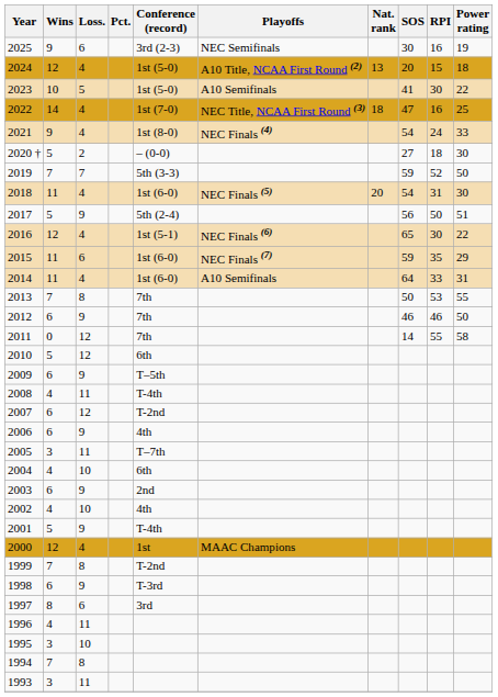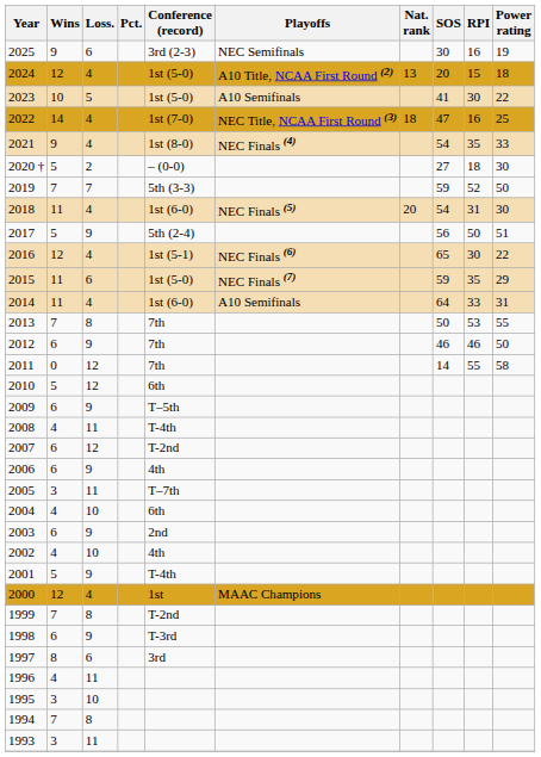 <table class="wikitable"; style= "text-align: ">
 <tr>
 <th width=x>Year</th>
 <th width=x>Wins</th>
 <th width=x>Loss.</th>
 <th width=x>Pct.</th>
 <th width=x>Conference<br>(record)</th>
 <th width=x>Playoffs</th>
 <th width=x>Nat.<br>rank</th>
 <th width=x>SOS</th>
 <th width=x>RPI</th>
 <th width=x>Power<br>rating</th>
 </tr>
 <tr bgcolor=>
 <td>2025</td>
 <td>9</td>
 <td>6</td>
 <td></td>
 <td>3rd (2-3)</td>
 <td>NEC Semifinals</td>
 <td></td>
 <td>30</td>
 <td>16</td>
 <td>19</td>
 </tr>
 <tr bgcolor="#DAA520">
 <td>2024</td>
 <td>12</td>
 <td>4</td>
 <td></td>
 <td>1st (5-0)</td>
 <td>A10 Title, <a href='#'>NCAA First Round</a> <sup><strong><em>(2)</em></strong></sup></td>
 <td>13</td>
 <td>20</td>
 <td>15</td>
 <td>18</td>
 </tr>
 <tr bgcolor="#F5DEB3">
 <td>2023</td>
 <td>10</td>
 <td>5</td>
 <td></td>
 <td>1st (5-0)</td>
 <td>A10 Semifinals</td>
 <td></td>
 <td>41</td>
 <td>30</td>
 <td>22</td>
 </tr>
 <tr bgcolor="#DAA520">
 <td>2022</td>
 <td>14</td>
 <td>4</td>
 <td></td>
 <td>1st (7-0)</td>
 <td>NEC Title, <a href='#'>NCAA First Round</a> <sup><strong><em>(3)</em></strong></sup></td>
 <td>18</td>
 <td>47</td>
 <td>16</td>
 <td>25</td>
 </tr>
 <tr bgcolor="#F5DEB3">
 <td>2021</td>
 <td>9</td>
 <td>4</td>
 <td></td>
 <td>1st (8-0)</td>
 <td>NEC Finals <sup><strong><em>(4)</em></strong></sup></td>
 <td></td>
 <td>54</td>
-<td>24</td>
+<td>35</td>
 <td>33</td>
 </tr>
 <tr>
 <td>2020 †</td>
 <td>5</td>
 <td>2</td>
 <td></td>
 <td>– (0-0)</td>
 <td></td>
 <td></td>
 <td>27</td>
 <td>18</td>
 <td>30</td>
 </tr>
 <tr>
 <td>2019</td>
 <td>7</td>
 <td>7</td>
 <td></td>
 <td>5th (3-3)</td>
 <td></td>
 <td></td>
 <td>59</td>
 <td>52</td>
 <td>50</td>
 </tr>
 <tr bgcolor="#F5DEB3">
 <td>2018</td>
 <td>11</td>
 <td>4</td>
 <td></td>
 <td>1st (6-0)</td>
 <td>NEC Finals <sup><strong><em>(5)</em></strong></sup></td>
 <td>20</td>
 <td>54</td>
 <td>31</td>
 <td>30</td>
 </tr>
 <tr>
 <td>2017</td>
 <td>5</td>
 <td>9</td>
 <td></td>
 <td>5th (2-4)</td>
 <td></td>
 <td></td>
 <td>56</td>
 <td>50</td>
 <td>51</td>
 </tr>
 <tr bgcolor="#F5DEB3">
 <td>2016</td>
 <td>12</td>
 <td>4</td>
 <td></td>
 <td>1st (5-1)</td>
 <td>NEC Finals <sup><strong><em>(6)</em></strong></sup></td>
 <td></td>
 <td>65</td>
 <td>30</td>
 <td>22</td>
 </tr>
 <tr bgcolor="#F5DEB3">
 <td>2015</td>
 <td>11</td>
 <td>6</td>
 <td></td>
-<td>1st (6-0)</td>
+<td>1st (5-0)</td>
 <td>NEC Finals <sup><strong><em>(7)</em></strong></sup></td>
 <td></td>
 <td>59</td>
 <td>35</td>
 <td>29</td>
 </tr>
 <tr bgcolor="#F5DEB3">
 <td>2014</td>
 <td>11</td>
 <td>4</td>
 <td></td>
 <td>1st (6-0)</td>
 <td>A10 Semifinals</td>
 <td></td>
 <td>64</td>
 <td>33</td>
 <td>31</td>
 </tr>
 <tr>
 <td>2013</td>
 <td>7</td>
 <td>8</td>
 <td></td>
 <td>7th</td>
 <td></td>
 <td></td>
 <td>50</td>
 <td>53</td>
 <td>55</td>
 </tr>
 <tr>
 <td>2012</td>
 <td>6</td>
 <td>9</td>
 <td></td>
 <td>7th</td>
 <td></td>
 <td></td>
 <td>46</td>
 <td>46</td>
 <td>50</td>
 </tr>
 <tr>
 <td>2011</td>
 <td>0</td>
 <td>12</td>
 <td></td>
 <td>7th</td>
 <td></td>
 <td></td>
 <td>14</td>
 <td>55</td>
 <td>58</td>
 </tr>
 <tr>
 <td>2010</td>
 <td>5</td>
 <td>12</td>
 <td></td>
 <td>6th</td>
 <td></td>
 <td></td>
 <td></td>
 <td></td>
 <td></td>
 </tr>
 <tr>
 <td>2009</td>
 <td>6</td>
 <td>9</td>
 <td></td>
 <td>T–5th</td>
 <td></td>
 <td></td>
 <td></td>
 <td></td>
 <td></td>
 </tr>
 <tr>
 <td>2008</td>
 <td>4</td>
 <td>11</td>
 <td></td>
 <td>T-4th</td>
 <td></td>
 <td></td>
 <td></td>
 <td></td>
 <td></td>
 </tr>
 <tr>
 <td>2007</td>
 <td>6</td>
 <td>12</td>
 <td></td>
 <td>T-2nd</td>
 <td></td>
 <td></td>
 <td></td>
 <td></td>
 <td></td>
 </tr>
 <tr>
 <td>2006</td>
 <td>6</td>
 <td>9</td>
 <td></td>
 <td>4th</td>
 <td></td>
 <td></td>
 <td></td>
 <td></td>
 <td></td>
 </tr>
 <tr>
 <td>2005</td>
 <td>3</td>
 <td>11</td>
 <td></td>
 <td>T–7th</td>
 <td></td>
 <td></td>
 <td></td>
 <td></td>
 <td></td>
 </tr>
 <tr>
 <td>2004</td>
 <td>4</td>
 <td>10</td>
 <td></td>
 <td>6th</td>
 <td></td>
 <td></td>
 <td></td>
 <td></td>
 <td></td>
 </tr>
 <tr>
 <td>2003</td>
 <td>6</td>
 <td>9</td>
 <td></td>
 <td>2nd</td>
 <td></td>
 <td></td>
 <td></td>
 <td></td>
 <td></td>
 </tr>
 <tr>
 <td>2002</td>
 <td>4</td>
 <td>10</td>
 <td></td>
 <td>4th</td>
 <td></td>
 <td></td>
 <td></td>
 <td></td>
 <td></td>
 </tr>
 <tr>
 <td>2001</td>
 <td>5</td>
 <td>9</td>
 <td></td>
 <td>T-4th</td>
 <td></td>
 <td></td>
 <td></td>
 <td></td>
 <td></td>
 </tr>
 <tr bgcolor="#DAA520">
 <td>2000</td>
 <td>12</td>
 <td>4</td>
 <td></td>
 <td>1st</td>
 <td>MAAC Champions</td>
 <td></td>
 <td></td>
 <td></td>
 <td></td>
 </tr>
 <tr>
 <td>1999</td>
 <td>7</td>
 <td>8</td>
 <td></td>
 <td>T-2nd</td>
 <td></td>
 <td></td>
 <td></td>
 <td></td>
 <td></td>
 </tr>
 <tr>
 <td>1998</td>
 <td>6</td>
 <td>9</td>
 <td></td>
 <td>T-3rd</td>
 <td></td>
 <td></td>
 <td></td>
 <td></td>
 <td></td>
 </tr>
 <tr>
 <td>1997</td>
 <td>8</td>
 <td>6</td>
 <td></td>
 <td>3rd</td>
 <td></td>
 <td></td>
 <td></td>
 <td></td>
 <td></td>
 </tr>
 <tr>
 <td>1996</td>
 <td>4</td>
 <td>11</td>
 <td></td>
 <td></td>
 <td></td>
 <td></td>
 <td></td>
 <td></td>
 <td></td>
 </tr>
 <tr>
 <td>1995</td>
 <td>3</td>
 <td>10</td>
 <td></td>
 <td></td>
 <td></td>
 <td></td>
 <td></td>
 <td></td>
 <td></td>
 </tr>
 <tr>
 <td>1994</td>
 <td>7</td>
 <td>8</td>
 <td></td>
 <td></td>
 <td></td>
 <td></td>
 <td></td>
 <td></td>
 <td></td>
 </tr>
 <tr>
 <td>1993</td>
 <td>3</td>
 <td>11</td>
 <td></td>
 <td></td>
 <td></td>
 <td></td>
 <td></td>
 <td></td>
 <td></td>
 </tr>
 <tr>
 </tr>
 </table>
